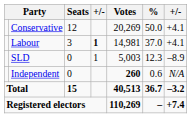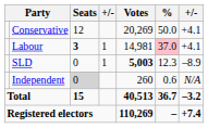 <table class="wikitable sortable">
 <tr>
 <th colspan="2">Party</th>
 <th>Seats</th>
 <th>+/-</th>
 <th>Votes</th>
 <th>%</th>
 <th>+/-</th>
 </tr>
 <tr>
 <td style="background-color: "></td>
 <td><a href='#'>Conservative</a></td>
 <td>12</td>
 <td></td>
 <td style="text-align:right;">20,269</td>
 <td style="text-align:right;">50.0</td>
 <td style="text-align:right;">+4.1</td>
 </tr>
 <tr>
 <td style="background-color: "></td>
 <td><a href='#'>Labour</a></td>
-<td>3</td>
-<td><strong> 1</strong></td>
+<td><strong>3</strong></td>
+<td> 1</td>
 <td style="text-align:right;">14,981</td>
-<td style="text-align:right;">37.0</td>
+<td style="background: pink; text-align:right;">37.0</td>
 <td style="text-align:right;">+4.1</td>
 </tr>
 <tr>
 <td style="background-color: "></td>
 <td><a href='#'>SLD</a></td>
 <td>0</td>
 <td> 1</td>
-<td style="text-align:right;">5,003</td>
+<td style="text-align:right;"><strong>5,003</strong></td>
 <td style="text-align:right;">12.3</td>
 <td style="text-align:right;">–8.9</td>
 </tr>
 <tr>
 <td style="background-color: "></td>
 <td><a href='#'>Independent</a></td>
-<td>0</td>
+<td style="background: lightgrey;">0</td>
 <td></td>
-<td style="text-align:right;"><strong>260</strong></td>
+<td style="text-align:right;">260</td>
 <td style="text-align:right;">0.6</td>
 <td style="text-align:right;"><em>N/A</em></td>
 </tr>
 <tr>
 <td colspan="2"><strong>Total</strong></td>
 <td><strong>15</strong></td>
 <td></td>
 <td style="text-align:right;"><strong>40,513</strong></td>
 <td style="text-align:right;"><strong>36.7</strong></td>
 <td style="text-align:right;"><strong>–3.2</strong></td>
 </tr>
 <tr>
 <td colspan="4"><strong>Registered electors</strong></td>
 <td style="text-align:right;"><strong>110,269</strong></td>
 <td style="text-align:right;"><strong>–</strong></td>
 <td style="text-align:right;"><strong>+7.4</strong></td>
 </tr>
 </table>
